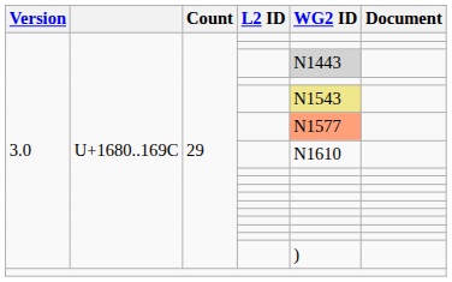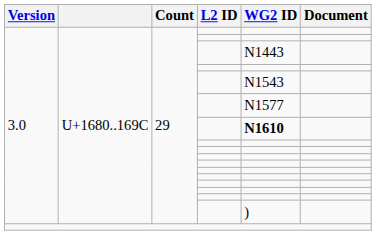 <table class="wikitable sticky-header">
 <tr>
 <th><a href='#'>Version</a></th>
 <th></th>
 <th>Count</th>
 <th><a href='#'>L2</a> ID</th>
 <th><a href='#'>WG2</a> ID</th>
 <th>Document</th>
 </tr>
 <tr>
 <td rowspan="17">3.0</td>
 <td rowspan="17">U+1680..169C</td>
 <td rowspan="17">29</td>
 <td></td>
 <td></td>
 <td></td>
 </tr>
 <tr>
 <td></td>
 <td></td>
 <td></td>
 </tr>
 <tr>
 <td></td>
-<td style="background: lightgrey;">N1443</td>
+<td>N1443</td>
 <td></td>
 </tr>
 <tr>
 <td></td>
 <td></td>
 <td></td>
 </tr>
 <tr>
 <td></td>
-<td style="background: khaki;">N1543</td>
+<td>N1543</td>
 <td></td>
 </tr>
 <tr>
 <td></td>
-<td style="background: lightsalmon;">N1577</td>
+<td>N1577</td>
 <td></td>
 </tr>
 <tr>
 <td></td>
-<td>N1610</td>
+<td><strong>N1610</strong></td>
 <td></td>
 </tr>
 <tr>
 <td></td>
 <td></td>
 <td></td>
 </tr>
 <tr>
 <td></td>
 <td></td>
 <td></td>
 </tr>
 <tr>
 <td></td>
 <td></td>
 <td></td>
 </tr>
 <tr>
 <td></td>
 <td></td>
 <td></td>
 </tr>
 <tr>
 <td></td>
 <td></td>
 <td></td>
 </tr>
 <tr>
 <td></td>
 <td></td>
 <td></td>
 </tr>
 <tr>
 <td></td>
 <td></td>
 <td></td>
 </tr>
 <tr>
 <td></td>
 <td></td>
 <td></td>
 </tr>
 <tr>
 <td></td>
 <td></td>
 <td></td>
 </tr>
 <tr>
 <td></td>
 <td> )</td>
 <td></td>
 </tr>
 <tr class="sortbottom">
 <td colspan="6"></td>
 </tr>
 </table>
